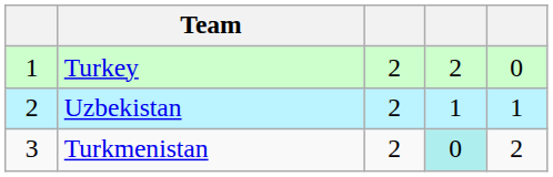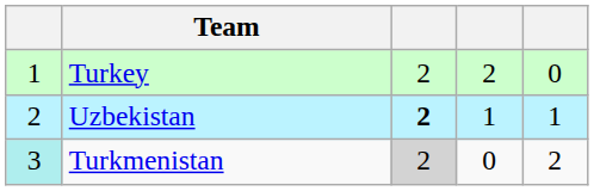 <table class="wikitable" style="text-align: center">
 <tr>
 <th style="width:25px"></th>
 <th style="width:180px">Team</th>
 <th style="width:30px"></th>
 <th style="width:30px"></th>
 <th style="width:30px"></th>
 </tr>
 <tr style="background:#ccffcc;">
 <td>1</td>
 <td style="text-align: left"> <a href='#'>Turkey</a></td>
 <td>2</td>
 <td>2</td>
 <td>0</td>
 </tr>
 <tr style="background:#bbf3ff;">
 <td>2</td>
 <td style="text-align: left"> <a href='#'>Uzbekistan</a></td>
-<td>2</td>
+<td><strong>2</strong></td>
 <td>1</td>
 <td>1</td>
 </tr>
 <tr>
-<td>3</td>
+<td style="background: paleturquoise;">3</td>
 <td style="text-align: left"> <a href='#'>Turkmenistan</a></td>
-<td>2</td>
-<td style="background: paleturquoise;">0</td>
+<td style="background: lightgrey;">2</td>
+<td>0</td>
 <td>2</td>
 </tr>
 </table>
